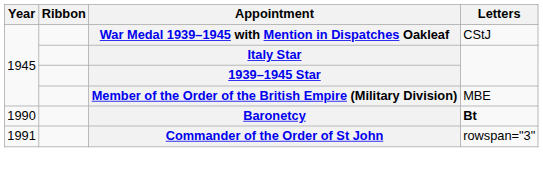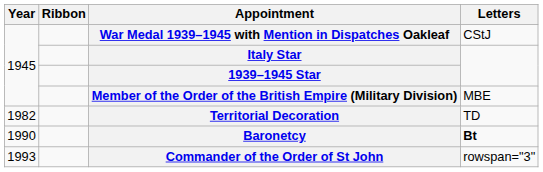 <table class="wikitable plainrowheaders">
 <tr>
 <th>Year</th>
 <th>Ribbon</th>
 <th>Appointment</th>
 <th>Letters</th>
 </tr>
 <tr>
 <td rowspan="4">1945</td>
 <td></td>
 <th scope="row"><a href='#'>War Medal 1939–1945</a> with <a href='#'>Mention in Dispatches</a> Oakleaf</th>
 <td>CStJ</td>
 </tr>
 <tr>
 <td></td>
 <th scope="row"><a href='#'>Italy Star</a></th>
 </tr>
 <tr>
 <td></td>
 <th scope="row"><a href='#'>1939–1945 Star</a></th>
 </tr>
 <tr>
 <td></td>
 <th scope="row"><a href='#'>Member of the Order of the British Empire</a> (Military Division)</th>
 <td>MBE</td>
 </tr>
 <tr>
+<td>1982</td>
+<td></td>
+<th scope="row"><a href='#'>Territorial Decoration</a></th>
+<td>TD</td>
+</tr>
+<tr>
 <td>1990</td>
 <td></td>
 <th scope="row"><a href='#'>Baronetcy</a></th>
 <td><strong>Bt</strong></td>
 </tr>
 <tr>
-<td>1991</td>
+<td>1993</td>
 <td></td>
 <th scope="row"><a href='#'>Commander of the Order of St John</a></th>
 <td>rowspan="3" </td>
 </tr>
 </table>
